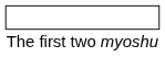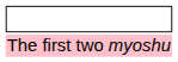 <table style="margin:1em;">
 <tr>
 <td style="border: solid thin; padding: 2px;"><br></td>
 </tr>
 <tr>
-<td style="text-align:center">The first two <em>myoshu</em></td>
+<td style="background: pink; text-align:center">The first two <em>myoshu</em></td>
 </tr>
 </table>
